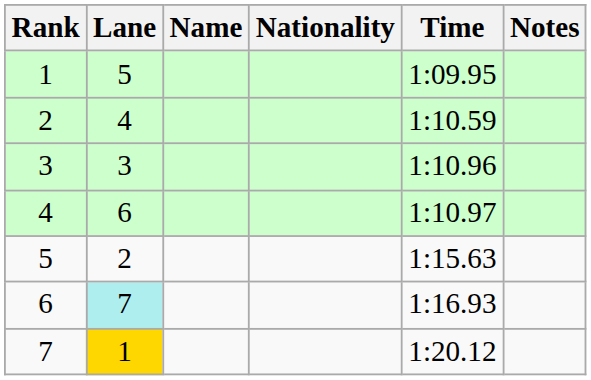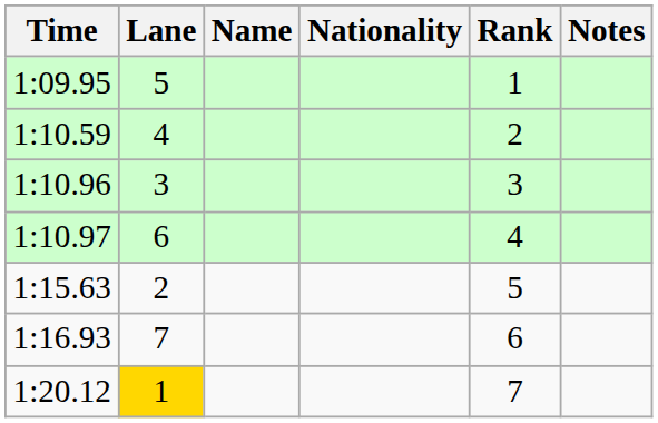 <table class="wikitable sortable" style="text-align:center">
 <tr>
-<th>Rank</th>
+<th>Time</th>
 <th>Lane</th>
 <th>Name</th>
 <th>Nationality</th>
-<th>Time</th>
+<th>Rank</th>
 <th>Notes</th>
 </tr>
 <tr bgcolor=ccffcc>
-<td>1</td>
+<td>1:09.95</td>
 <td>5</td>
 <td align=left></td>
 <td align=left></td>
-<td>1:09.95</td>
+<td>1</td>
 <td><strong></strong></td>
 </tr>
 <tr bgcolor=ccffcc>
-<td>2</td>
+<td>1:10.59</td>
 <td>4</td>
 <td align=left></td>
 <td align=left></td>
-<td>1:10.59</td>
+<td>2</td>
 <td><strong></strong></td>
 </tr>
 <tr bgcolor=ccffcc>
-<td>3</td>
+<td>1:10.96</td>
 <td>3</td>
 <td align=left></td>
 <td align=left></td>
-<td>1:10.96</td>
+<td>3</td>
 <td><strong></strong></td>
 </tr>
 <tr bgcolor=ccffcc>
-<td>4</td>
+<td>1:10.97</td>
 <td>6</td>
 <td align=left></td>
 <td align=left></td>
-<td>1:10.97</td>
+<td>4</td>
 <td><strong></strong></td>
 </tr>
 <tr>
-<td>5</td>
+<td>1:15.63</td>
 <td>2</td>
 <td align=left></td>
 <td align=left></td>
-<td>1:15.63</td>
+<td>5</td>
 <td></td>
 </tr>
 <tr>
-<td>6</td>
-<td style="background: paleturquoise;">7</td>
+<td>1:16.93</td>
+<td>7</td>
 <td align=left></td>
 <td align=left></td>
-<td>1:16.93</td>
+<td>6</td>
 <td></td>
 </tr>
 <tr>
-<td>7</td>
+<td>1:20.12</td>
 <td style="background: gold;">1</td>
 <td align=left></td>
 <td align=left></td>
-<td>1:20.12</td>
+<td>7</td>
 <td></td>
 </tr>
 </table>
